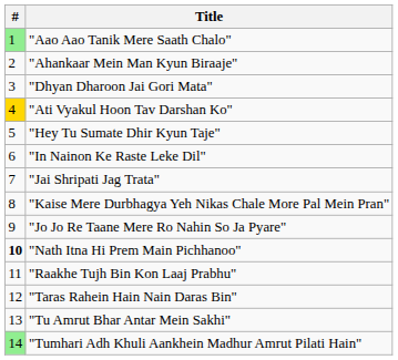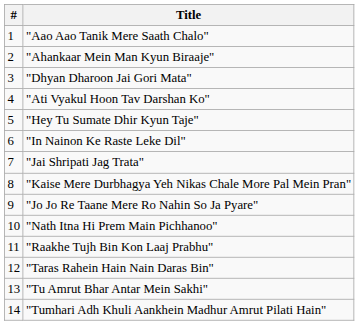 <table class="wikitable" style="font-size:95%;">
 <tr>
 <th>#</th>
 <th>Title</th>
 </tr>
 <tr>
-<td style="background: lightgreen;">1</td>
+<td>1</td>
 <td>"Aao Aao Tanik Mere Saath Chalo"</td>
 </tr>
 <tr>
 <td>2</td>
 <td>"Ahankaar Mein Man Kyun Biraaje"</td>
 </tr>
 <tr>
 <td>3</td>
 <td>"Dhyan Dharoon Jai Gori Mata"</td>
 </tr>
 <tr>
-<td style="background: gold;">4</td>
+<td>4</td>
 <td>"Ati Vyakul Hoon Tav Darshan Ko"</td>
 </tr>
 <tr>
 <td>5</td>
 <td>"Hey Tu Sumate Dhir Kyun Taje"</td>
 </tr>
 <tr>
 <td>6</td>
 <td>"In Nainon Ke Raste Leke Dil"</td>
 </tr>
 <tr>
 <td>7</td>
 <td>"Jai Shripati Jag Trata"</td>
 </tr>
 <tr>
 <td>8</td>
 <td>"Kaise Mere Durbhagya Yeh Nikas Chale More Pal Mein Pran"</td>
 </tr>
 <tr>
 <td>9</td>
 <td>"Jo Jo Re Taane Mere Ro Nahin So Ja Pyare"</td>
 </tr>
 <tr>
-<td><strong>10</strong></td>
+<td>10</td>
 <td>"Nath Itna Hi Prem Main Pichhanoo"</td>
 </tr>
 <tr>
 <td>11</td>
 <td>"Raakhe Tujh Bin Kon Laaj Prabhu"</td>
 </tr>
 <tr>
 <td>12</td>
 <td>"Taras Rahein Hain Nain Daras Bin"</td>
 </tr>
 <tr>
 <td>13</td>
 <td>"Tu Amrut Bhar Antar Mein Sakhi"</td>
 </tr>
 <tr>
-<td style="background: lightgreen;">14</td>
+<td>14</td>
 <td>"Tumhari Adh Khuli Aankhein Madhur Amrut Pilati Hain"</td>
 </tr>
 </table>
